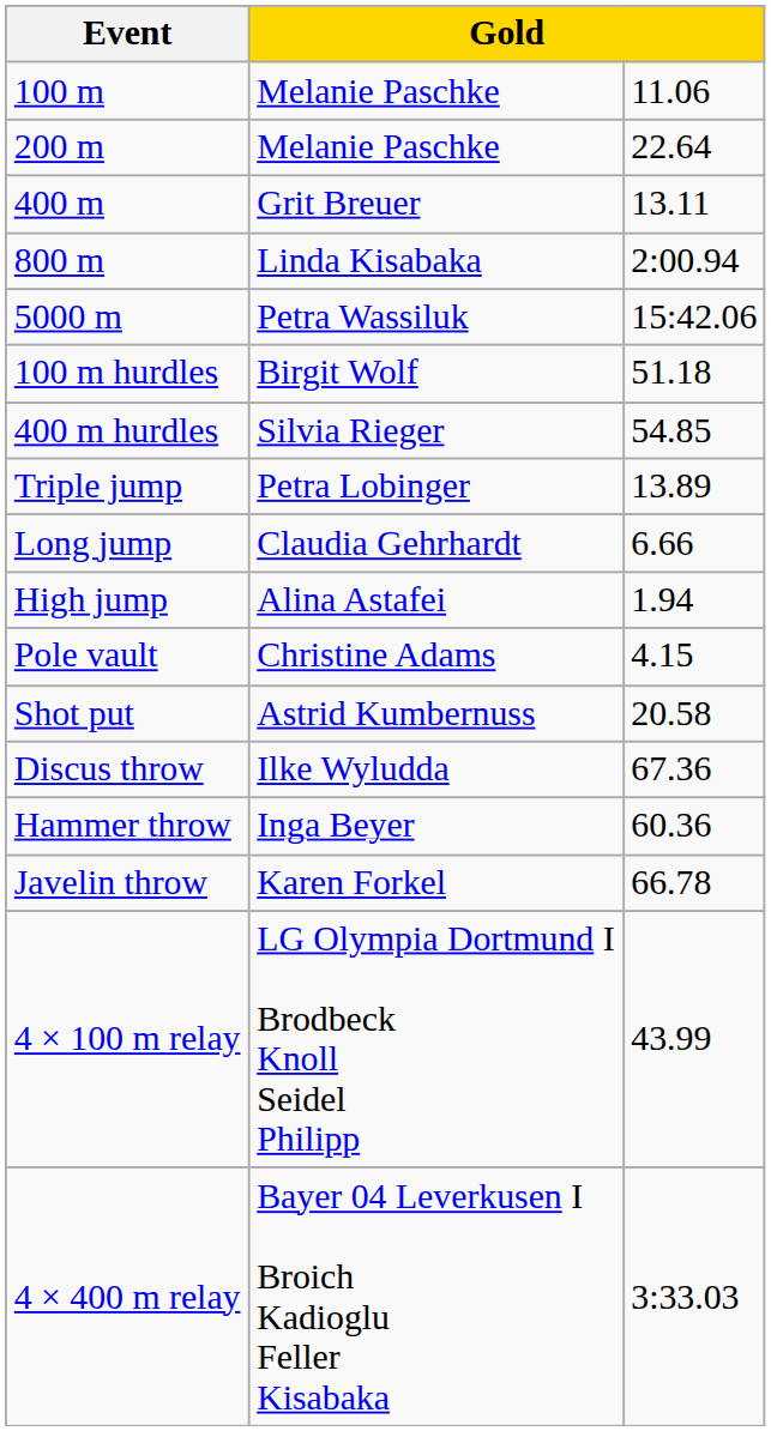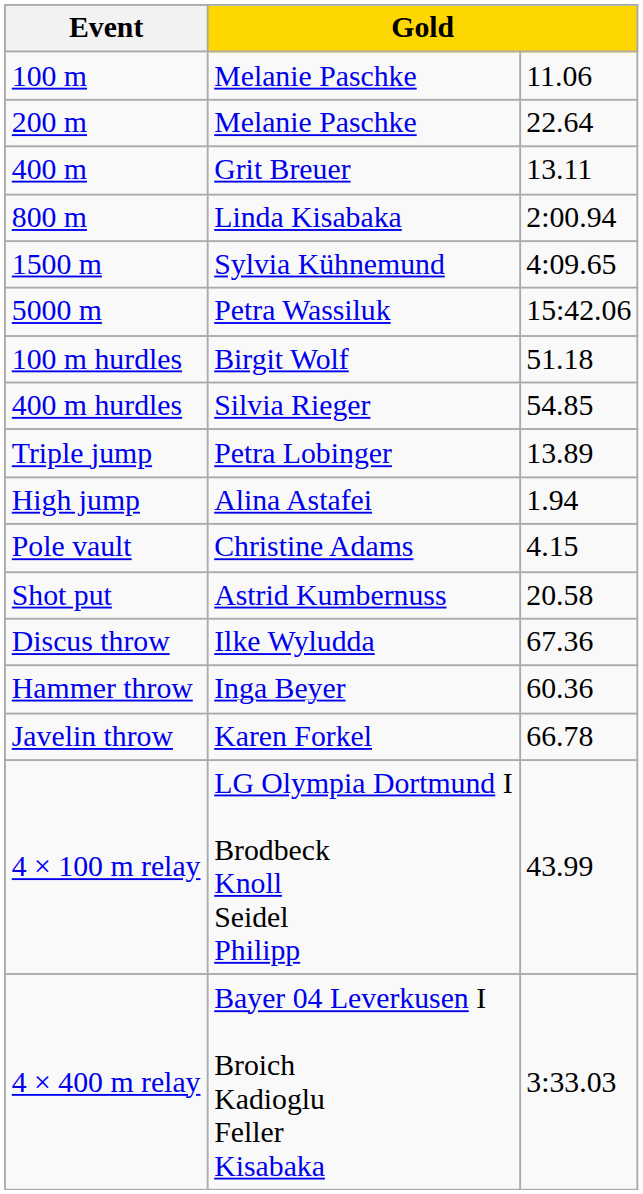 <table class="wikitable">
 <tr>
 <th>Event</th>
 <th style="background:gold;" colspan=2>Gold</th>
 </tr>
 <tr>
 <td><a href='#'>100 m</a></td>
 <td><a href='#'>Melanie Paschke</a></td>
 <td>11.06 </td>
 </tr>
 <tr>
 <td><a href='#'>200 m</a></td>
 <td><a href='#'>Melanie Paschke</a></td>
 <td>22.64 </td>
 </tr>
 <tr>
 <td><a href='#'>400 m</a></td>
 <td><a href='#'>Grit Breuer</a></td>
 <td>13.11 </td>
 </tr>
 <tr>
 <td><a href='#'>800 m</a></td>
 <td><a href='#'>Linda Kisabaka</a></td>
 <td>2:00.94</td>
 </tr>
 <tr>
+<td><a href='#'>1500 m</a></td>
+<td><a href='#'>Sylvia Kühnemund</a></td>
+<td>4:09.65 </td>
+</tr>
+<tr>
 <td><a href='#'>5000 m</a></td>
 <td><a href='#'>Petra Wassiluk</a></td>
 <td>15:42.06</td>
 </tr>
 <tr>
 <td><a href='#'>100 m hurdles</a></td>
 <td><a href='#'>Birgit Wolf</a></td>
 <td>51.18</td>
 </tr>
 <tr>
 <td><a href='#'>400 m hurdles</a></td>
 <td><a href='#'>Silvia Rieger</a></td>
 <td>54.85 </td>
 </tr>
 <tr>
 <td><a href='#'>Triple jump</a></td>
 <td><a href='#'>Petra Lobinger</a></td>
 <td>13.89 </td>
-</tr>
-<tr>
-<td><a href='#'>Long jump</a></td>
-<td><a href='#'>Claudia Gehrhardt</a></td>
-<td>6.66 </td>
 </tr>
 <tr>
 <td><a href='#'>High jump</a></td>
 <td><a href='#'>Alina Astafei</a></td>
 <td>1.94</td>
 </tr>
 <tr>
 <td><a href='#'>Pole vault</a></td>
 <td><a href='#'>Christine Adams</a></td>
 <td>4.15 </td>
 </tr>
 <tr>
 <td><a href='#'>Shot put</a></td>
 <td><a href='#'>Astrid Kumbernuss</a></td>
 <td>20.58</td>
 </tr>
 <tr>
 <td><a href='#'>Discus throw</a></td>
 <td><a href='#'>Ilke Wyludda</a></td>
 <td>67.36</td>
 </tr>
 <tr>
 <td><a href='#'>Hammer throw</a></td>
 <td><a href='#'>Inga Beyer</a></td>
 <td>60.36 </td>
 </tr>
 <tr>
 <td><a href='#'>Javelin throw</a></td>
 <td><a href='#'>Karen Forkel</a></td>
 <td>66.78 </td>
 </tr>
 <tr>
 <td><a href='#'>4 × 100 m relay</a></td>
 <td><a href='#'>LG Olympia Dortmund</a> I <br><br>Brodbeck <br> <a href='#'>Knoll</a> <br> Seidel <br> <a href='#'>Philipp</a></td>
 <td>43.99</td>
 </tr>
 <tr>
 <td><a href='#'>4 × 400 m relay</a></td>
 <td><a href='#'>Bayer 04 Leverkusen</a> I <br><br>Broich <br> Kadioglu <br> Feller <br> <a href='#'>Kisabaka</a></td>
 <td>3:33.03</td>
 </tr>
 </table>
